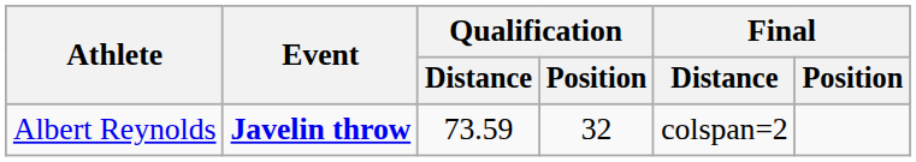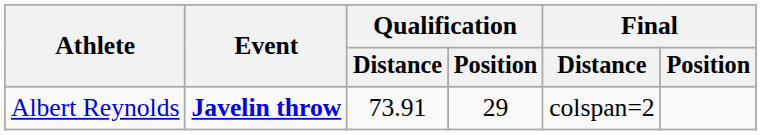 <table class=wikitable style=font-size:90%>
 <tr>
 <th rowspan=2>Athlete</th>
 <th rowspan=2>Event</th>
 <th colspan=2>Qualification</th>
 <th colspan=2>Final</th>
 </tr>
 <tr style=font-size:95%>
 <th>Distance</th>
 <th>Position</th>
 <th>Distance</th>
 <th>Position</th>
 </tr>
 <tr align=center>
 <td align=left><a href='#'>Albert Reynolds</a></td>
 <td align=left><strong><a href='#'>Javelin throw</a></strong></td>
-<td>73.59</td>
-<td>32</td>
+<td>73.91</td>
+<td>29</td>
 <td>colspan=2 </td>
 </tr>
 </table>
